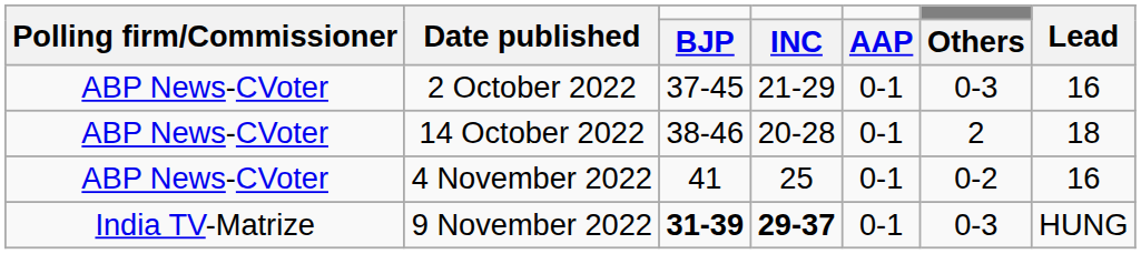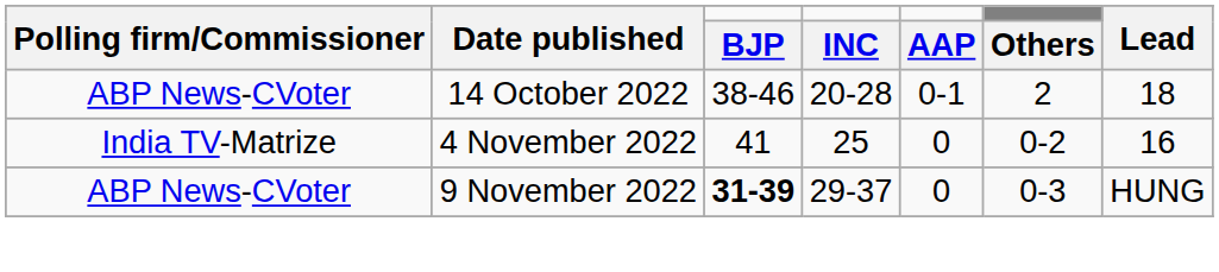 <table class="wikitable" style="text-align:center;font-size:95%;line-height:16px;">
 <tr>
 <th rowspan="2" class="wikitable">Polling firm/Commissioner</th>
 <th rowspan="2" class="wikitable">Date published</th>
 <td></td>
 <td></td>
 <td></td>
 <td style="background:gray;"></td>
 <th rowspan="2">Lead</th>
 </tr>
 <tr>
 <th class="wikitable"><a href='#'>BJP</a></th>
 <th class="wikitable"><a href='#'>INC</a></th>
 <th class="wikitable"><a href='#'>AAP</a></th>
 <th class="wikitable">Others</th>
 </tr>
 <tr>
 <td><a href='#'>ABP News</a>-<a href='#'>CVoter</a></td>
-<td>2 October 2022</td>
-<td style="background:">37-45</td>
-<td>21-29</td>
-<td>0-1</td>
-<td>0-3</td>
-<td style="background:">16</td>
-</tr>
-<tr>
-<td><a href='#'>ABP News</a>-<a href='#'>CVoter</a></td>
 <td>14 October 2022</td>
 <td style="background:">38-46</td>
 <td>20-28</td>
 <td>0-1</td>
 <td>2</td>
 <td style="background:">18</td>
 </tr>
 <tr>
-<td><a href='#'>ABP News</a>-<a href='#'>CVoter</a></td>
+<td><a href='#'>India TV</a>-Matrize</td>
 <td>4 November 2022</td>
 <td style="background:">41</td>
 <td>25</td>
-<td>0-1</td>
+<td>0</td>
 <td>0-2</td>
 <td style="background:">16</td>
 </tr>
 <tr>
-<td><a href='#'>India TV</a>-Matrize</td>
+<td><a href='#'>ABP News</a>-<a href='#'>CVoter</a></td>
 <td>9 November 2022</td>
 <td><strong>31-39</strong></td>
-<td><strong>29-37</strong></td>
-<td>0-1</td>
+<td>29-37</td>
+<td>0</td>
 <td>0-3</td>
 <td>HUNG</td>
 </tr>
 </table>
